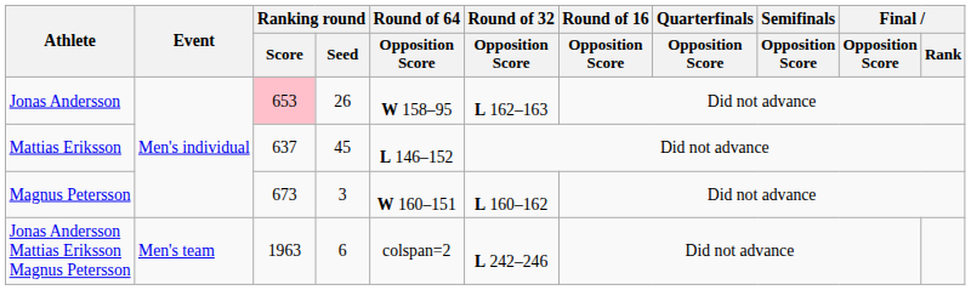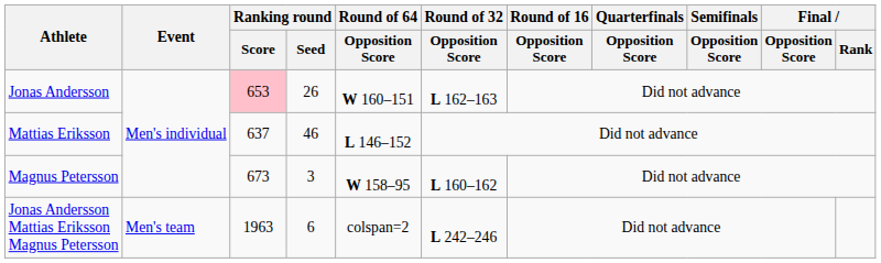 <table class="wikitable" style="font-size:90%">
 <tr>
 <th rowspan="2">Athlete</th>
 <th rowspan="2">Event</th>
 <th colspan="2">Ranking round</th>
 <th>Round of 64</th>
 <th>Round of 32</th>
 <th>Round of 16</th>
 <th>Quarterfinals</th>
 <th>Semifinals</th>
 <th colspan="2">Final / </th>
 </tr>
 <tr style="font-size:95%">
 <th>Score</th>
 <th>Seed</th>
 <th>Opposition<br>Score</th>
 <th>Opposition<br>Score</th>
 <th>Opposition<br>Score</th>
 <th>Opposition<br>Score</th>
 <th>Opposition<br>Score</th>
 <th>Opposition<br>Score</th>
 <th>Rank</th>
 </tr>
 <tr align=center>
 <td align=left><a href='#'>Jonas Andersson</a></td>
 <td align=left rowspan=3><a href='#'>Men's individual</a></td>
 <td style="background: pink;">653</td>
 <td>26</td>
-<td><br><strong>W</strong> 158–95</td>
+<td><br><strong>W</strong> 160–151</td>
 <td><br><strong>L</strong> 162–163</td>
 <td colspan=5>Did not advance</td>
 </tr>
 <tr align=center>
 <td align=left><a href='#'>Mattias Eriksson</a></td>
 <td>637</td>
-<td>45</td>
+<td>46</td>
 <td><br><strong>L</strong> 146–152</td>
 <td colspan=6>Did not advance</td>
 </tr>
 <tr align=center>
 <td align=left><a href='#'>Magnus Petersson</a></td>
 <td>673</td>
 <td>3</td>
-<td><br><strong>W</strong> 160–151</td>
+<td><br><strong>W</strong> 158–95</td>
 <td><br><strong>L</strong> 160–162</td>
 <td colspan=5>Did not advance</td>
 </tr>
 <tr align=center>
 <td align=left><a href='#'>Jonas Andersson</a><br><a href='#'>Mattias Eriksson</a><br><a href='#'>Magnus Petersson</a></td>
 <td align=left><a href='#'>Men's team</a></td>
 <td>1963</td>
 <td>6</td>
 <td>colspan=2 </td>
 <td><br><strong>L</strong> 242–246</td>
 <td colspan=4>Did not advance</td>
 </tr>
 </table>
